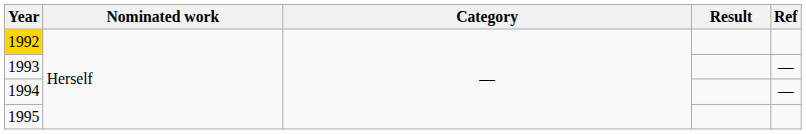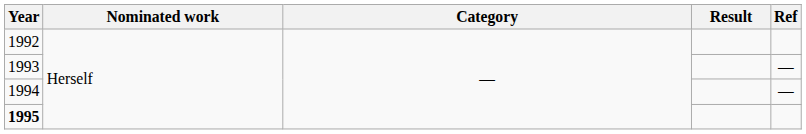 <table class="wikitable">
 <tr>
 <th style="width:10px;">Year</th>
 <th style="width:237px;">Nominated work</th>
 <th style="width:410px;">Category</th>
 <th style="width:73px;">Result</th>
 <th>Ref</th>
 </tr>
 <tr>
-<td style="background: gold;">1992</td>
+<td>1992</td>
 <td rowspan=4>Herself</td>
 <td rowspan=4 align=center>—</td>
 <td></td>
 <td align=center></td>
 </tr>
 <tr>
 <td>1993</td>
 <td></td>
 <td align=center>—</td>
 </tr>
 <tr>
 <td>1994</td>
 <td></td>
 <td align=center>—</td>
 </tr>
 <tr>
-<td>1995</td>
+<td><strong>1995</strong></td>
 <td></td>
 <td align=center></td>
 </tr>
 </table>
